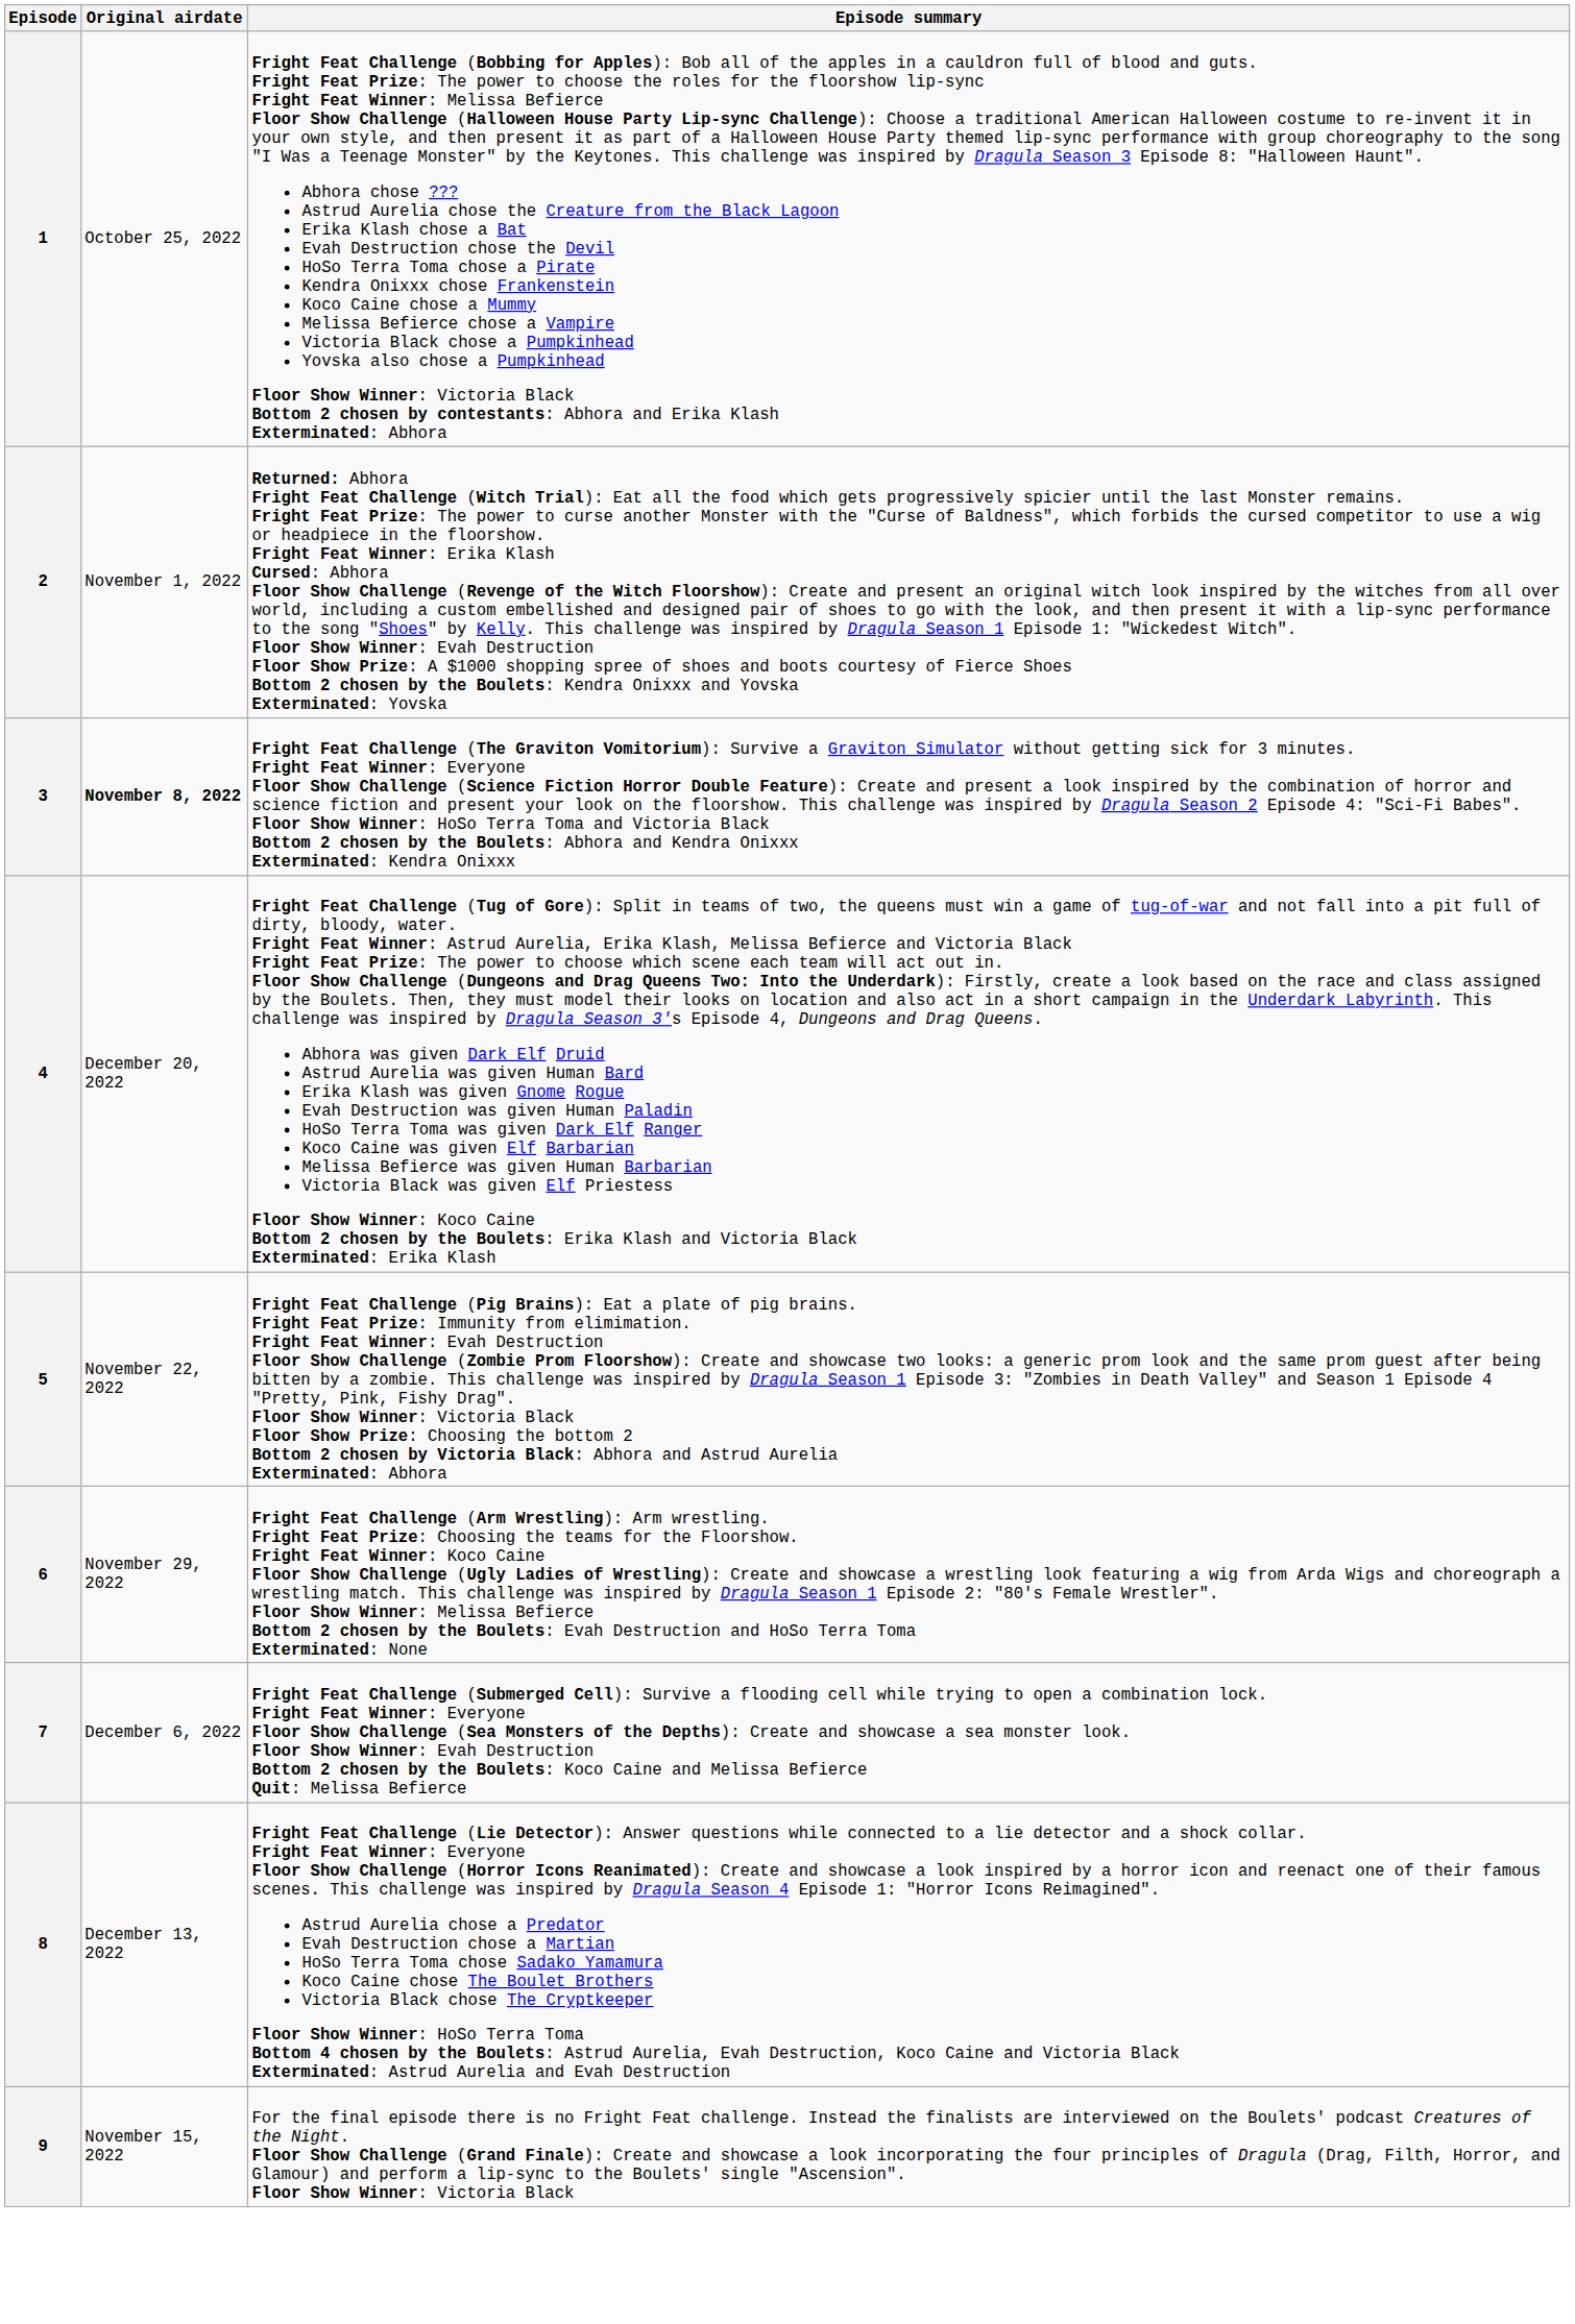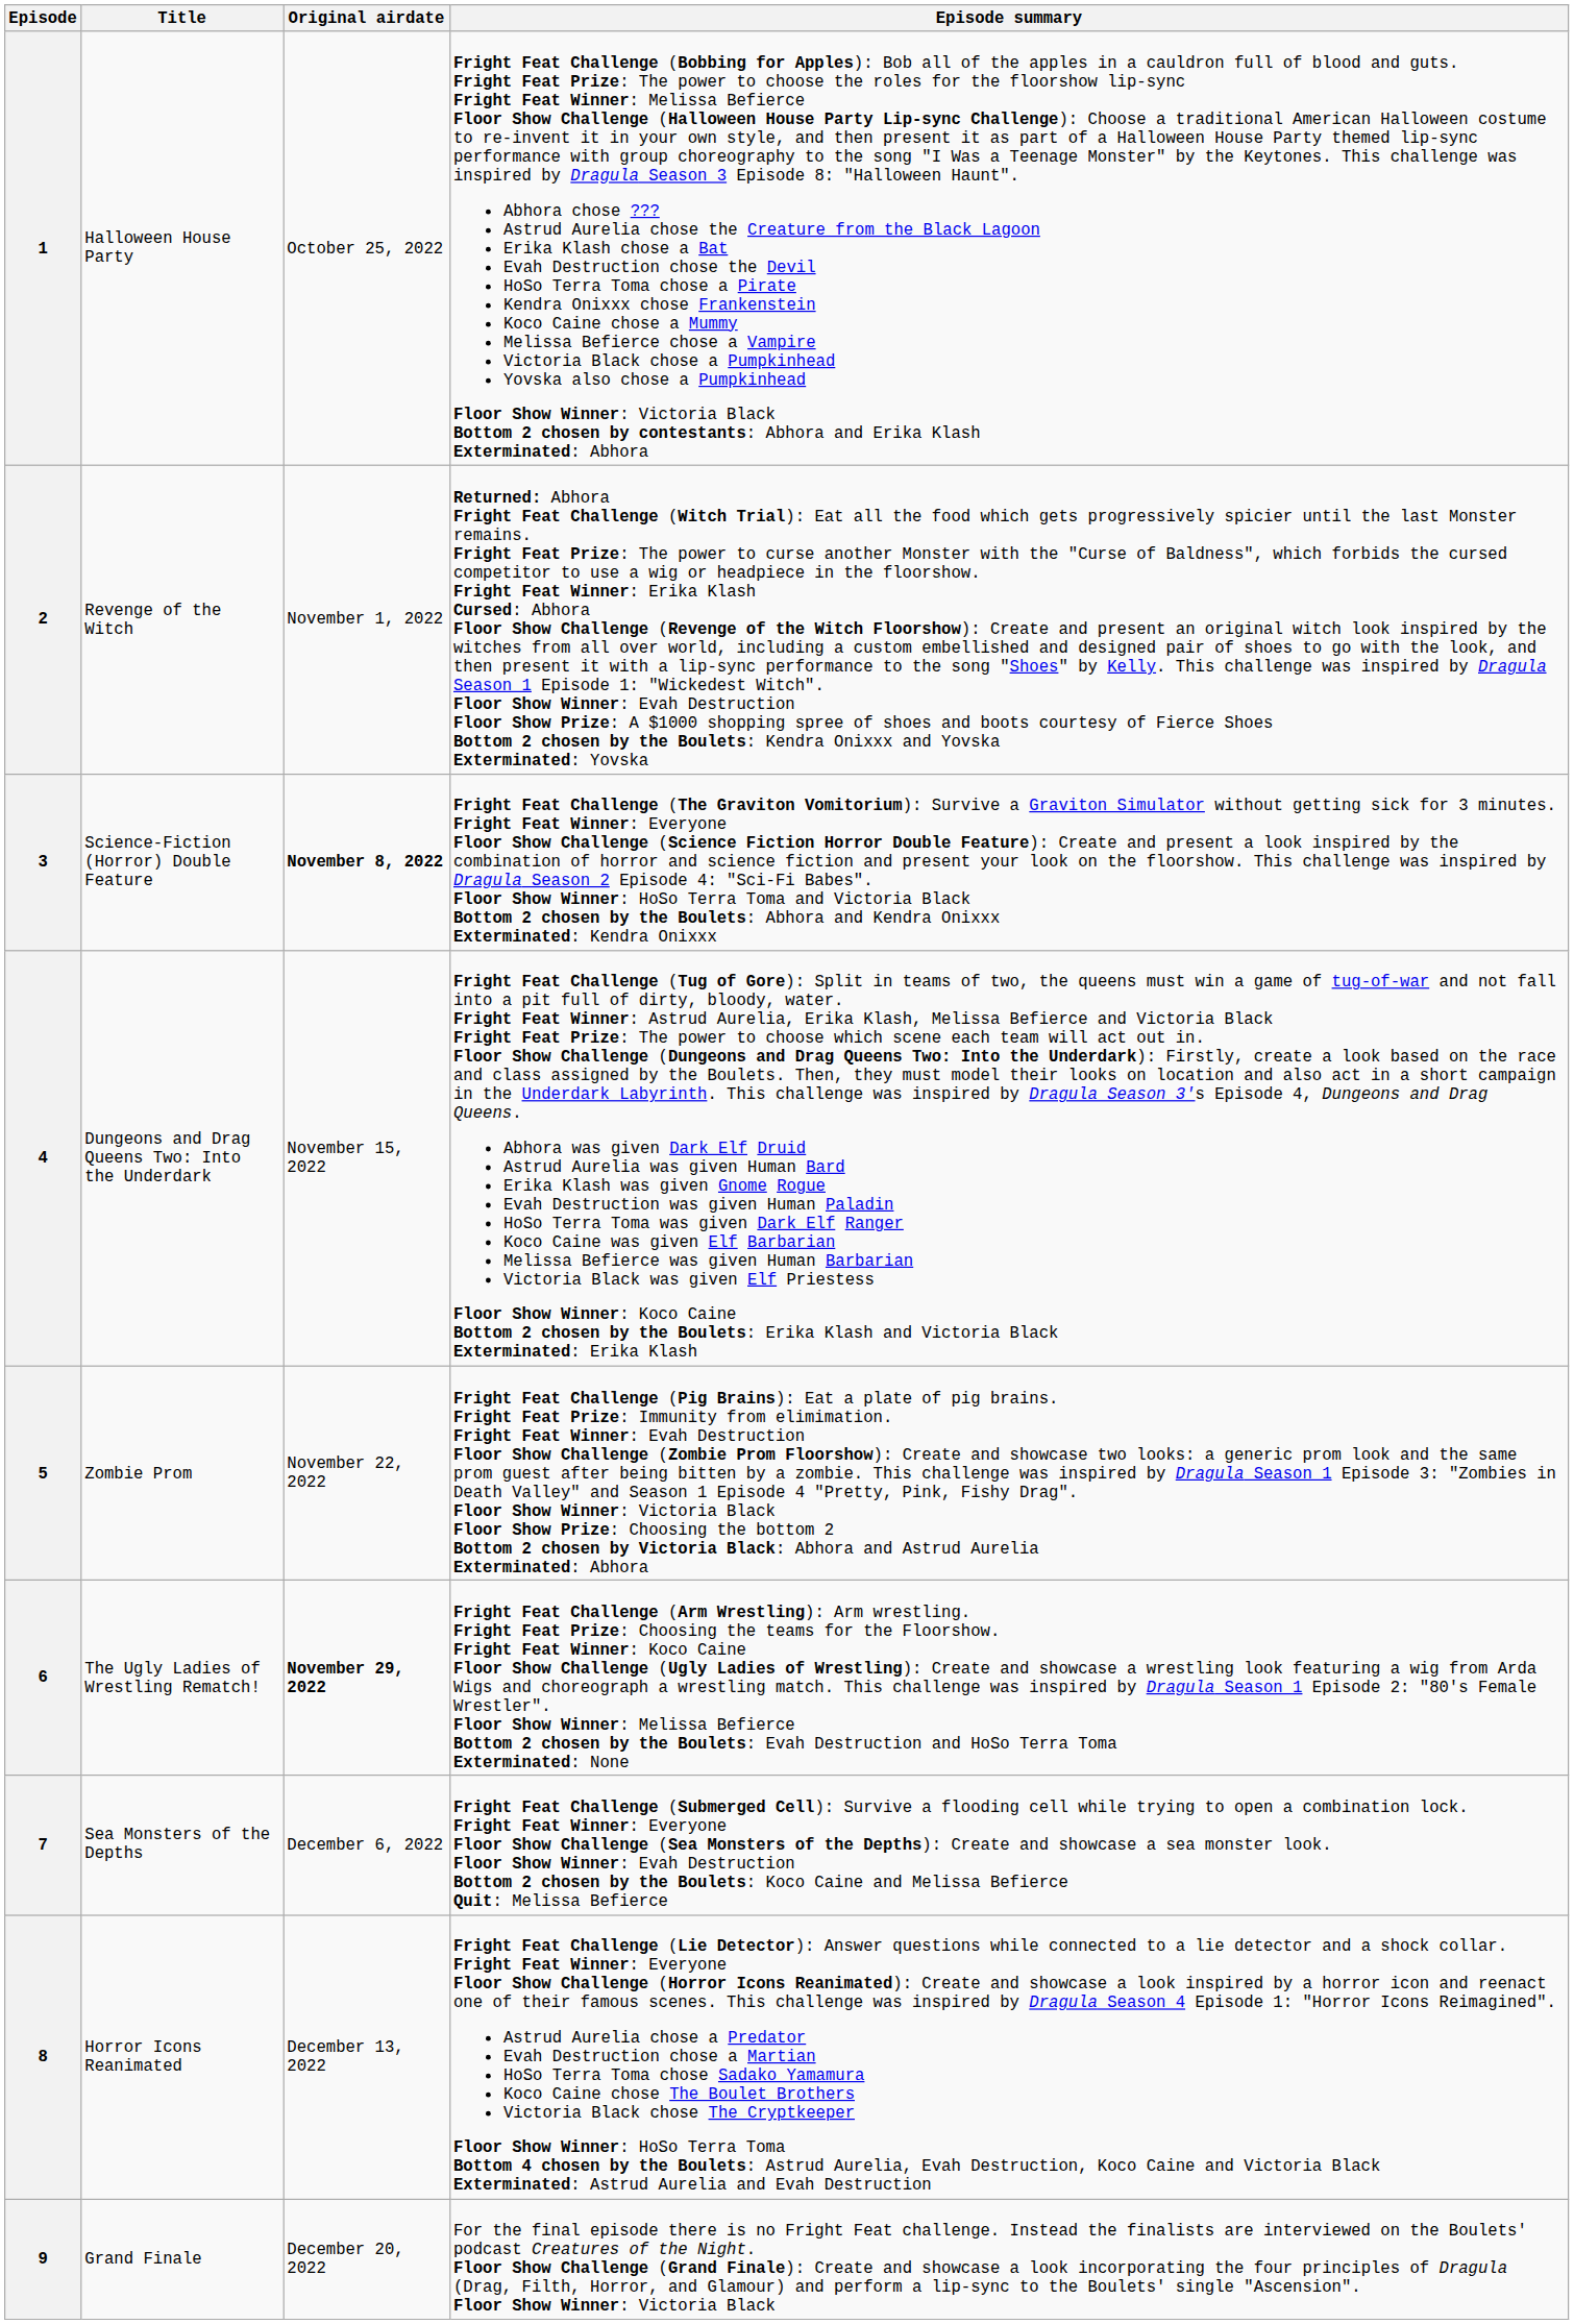 <table class="wikitable">
 <tr>
 <th nowrap>Episode</th>
+<th nowrap>Title</th>
 <th nowrap>Original airdate</th>
 <th nowrap>Episode summary</th>
 </tr>
 <tr>
 <th>1</th>
+<td>Halloween House Party</td>
 <td>October 25, 2022</td>
 <td><br><strong>Fright Feat Challenge</strong> (<strong>Bobbing for Apples</strong>): Bob all of the apples in a cauldron full of blood and guts.<br> <strong>Fright Feat Prize</strong>: The power to choose the roles for the floorshow lip-sync <br> <span><strong>Fright Feat Winner</strong>: Melissa Befierce</span><br><strong>Floor Show Challenge</strong> (<strong>Halloween House Party Lip-sync Challenge</strong>): Choose a traditional American Halloween costume to re-invent it in your own style, and then present it as part of a Halloween House Party themed lip-sync performance with group choreography to the song "I Was a Teenage Monster" by the Keytones. This challenge was inspired by <a href='#'><em>Dragula</em> Season 3</a> Episode 8: "Halloween Haunt".<ul><li>Abhora chose <a href='#'>???</a></li><li>Astrud Aurelia chose the <a href='#'>Creature from the Black Lagoon</a></li><li>Erika Klash chose a <a href='#'>Bat</a></li><li>Evah Destruction chose the <a href='#'>Devil</a></li><li>HoSo Terra Toma chose a <a href='#'>Pirate</a></li><li>Kendra Onixxx chose <a href='#'>Frankenstein</a></li><li>Koco Caine chose a <a href='#'>Mummy</a></li><li>Melissa Befierce chose a <a href='#'>Vampire</a></li><li>Victoria Black chose a <a href='#'>Pumpkinhead</a></li><li>Yovska also chose a <a href='#'>Pumpkinhead</a></li></ul><span><strong>Floor Show Winner</strong>: Victoria Black</span><br><strong>Bottom 2 chosen by contestants</strong>: Abhora and Erika Klash<br> <span><strong>Exterminated</strong>: Abhora</span></td>
 </tr>
 <tr>
 <th>2</th>
+<td>Revenge of the Witch</td>
 <td>November 1, 2022</td>
 <td><br><strong>Returned:</strong> Abhora<br><strong>Fright Feat Challenge</strong> (<strong>Witch Trial</strong>): Eat all the food which gets progressively spicier until the last Monster remains.<br> <strong>Fright Feat Prize</strong>: The power to curse another Monster with the "Curse of Baldness", which forbids the cursed competitor to use a wig or headpiece in the floorshow.<br> <span><strong>Fright Feat Winner</strong>: Erika Klash</span><br> <span><strong>Cursed</strong>: Abhora</span><br><strong>Floor Show Challenge</strong> (<strong>Revenge of the Witch Floorshow</strong>): Create and present an original witch look inspired by the witches from all over world, including a custom embellished and designed pair of shoes to go with the look, and then present it with a lip-sync performance to the song "<a href='#'>Shoes</a>" by <a href='#'>Kelly</a>. This challenge was inspired by <a href='#'><em>Dragula</em> Season 1</a> Episode 1: "Wickedest Witch".<br><span><strong>Floor Show Winner</strong>: Evah Destruction</span><br> <strong>Floor Show Prize</strong>: A $1000 shopping spree of shoes and boots courtesy of Fierce Shoes<br><strong>Bottom 2 chosen by the Boulets</strong>: Kendra Onixxx and Yovska<br> <span><strong>Exterminated</strong>: Yovska</span></td>
 </tr>
 <tr>
 <th>3</th>
+<td>Science-Fiction (Horror) Double Feature</td>
 <td><strong>November 8, 2022</strong></td>
 <td><br><strong>Fright Feat Challenge</strong> (<strong>The Graviton Vomitorium</strong>): Survive a <a href='#'>Graviton Simulator</a> without getting sick for 3 minutes.<br> <span><strong>Fright Feat Winner</strong>: Everyone</span><br><strong>Floor Show Challenge</strong> (<strong>Science Fiction Horror Double Feature</strong>): Create and present a look inspired by the combination of horror and science fiction and present your look on the floorshow. This challenge was inspired by <a href='#'><em>Dragula</em> Season 2</a> Episode 4: "Sci-Fi Babes".<br><span><strong>Floor Show Winner</strong>: HoSo Terra Toma and Victoria Black</span><br><strong>Bottom 2 chosen by the Boulets</strong>: Abhora and Kendra Onixxx<br> <span><strong>Exterminated</strong>: Kendra Onixxx</span></td>
 </tr>
 <tr>
 <th>4</th>
-<td>December 20, 2022</td>
+<td>Dungeons and Drag Queens Two: Into the Underdark</td>
+<td>November 15, 2022</td>
 <td><br><strong>Fright Feat Challenge</strong> (<strong>Tug of Gore</strong>): Split in teams of two, the queens must win a game of <a href='#'>tug-of-war</a> and not fall into a pit full of dirty, bloody, water.<br> <span><strong>Fright Feat Winner</strong>: Astrud Aurelia, Erika Klash, Melissa Befierce and Victoria Black</span><br> <strong>Fright Feat Prize</strong>: The power to choose which scene each team will act out in.<br><strong>Floor Show Challenge</strong> (<strong>Dungeons and Drag Queens Two: Into the Underdark</strong>): Firstly, create a look based on the race and class assigned by the Boulets. Then, they must model their looks on location and also act in a short campaign in the <a href='#'>Underdark Labyrinth</a>. This challenge was inspired by <em><a href='#'>Dragula Season 3'</a></em>s Episode 4, <em>Dungeons and Drag Queens</em>.<ul><li>Abhora was given <a href='#'>Dark Elf</a> <a href='#'>Druid</a></li><li>Astrud Aurelia was given Human <a href='#'>Bard</a></li><li>Erika Klash was given <a href='#'>Gnome</a> <a href='#'>Rogue</a></li><li>Evah Destruction was given Human <a href='#'>Paladin</a></li><li>HoSo Terra Toma was given <a href='#'>Dark Elf</a> <a href='#'>Ranger</a></li><li>Koco Caine was given <a href='#'>Elf</a> <a href='#'>Barbarian</a></li><li>Melissa Befierce was given Human <a href='#'>Barbarian</a></li><li>Victoria Black was given <a href='#'>Elf</a> Priestess</li></ul><span><strong>Floor Show Winner</strong>: Koco Caine</span><br><strong>Bottom 2 chosen by the Boulets</strong>: Erika Klash and Victoria Black<br> <span><strong>Exterminated</strong>: Erika Klash</span></td>
 </tr>
 <tr>
 <th>5</th>
+<td>Zombie Prom</td>
 <td>November 22, 2022</td>
 <td><br><strong>Fright Feat Challenge</strong> (<strong>Pig Brains</strong>): Eat a plate of pig brains.<br> <strong>Fright Feat Prize</strong>: Immunity from elimimation.<br> <span><strong>Fright Feat Winner</strong>: Evah Destruction</span><br><strong>Floor Show Challenge</strong> (<strong>Zombie Prom Floorshow</strong>): Create and showcase two looks: a generic prom look and the same prom guest after being bitten by a zombie. This challenge was inspired by <a href='#'><em>Dragula</em> Season 1</a> Episode 3: "Zombies in Death Valley" and Season 1 Episode 4 "Pretty, Pink, Fishy Drag".<br><span><strong>Floor Show Winner</strong>: Victoria Black</span><br> <strong>Floor Show Prize</strong>: Choosing the bottom 2<br><strong>Bottom 2 chosen by Victoria Black</strong>: Abhora and Astrud Aurelia<br> <span><strong>Exterminated</strong>: Abhora</span></td>
 </tr>
 <tr>
 <th>6</th>
-<td>November 29, 2022</td>
+<td>The Ugly Ladies of Wrestling Rematch!</td>
+<td><strong>November 29, 2022</strong></td>
 <td><br><strong>Fright Feat Challenge</strong> (<strong>Arm Wrestling</strong>): Arm wrestling.<br> <strong>Fright Feat Prize</strong>: Choosing the teams for the Floorshow.<br> <span><strong>Fright Feat Winner</strong>: Koco Caine</span><br><strong>Floor Show Challenge</strong> (<strong>Ugly Ladies of Wrestling</strong>):  Create and showcase a wrestling look featuring a wig from Arda Wigs and choreograph a wrestling match. This challenge was inspired by <a href='#'><em>Dragula</em> Season 1</a> Episode 2: "80's Female Wrestler".<br><span><strong>Floor Show Winner</strong>: Melissa Befierce</span><br><strong>Bottom 2 chosen by the Boulets</strong>: Evah Destruction and HoSo Terra Toma<br> <span><strong>Exterminated</strong>: None</span></td>
 </tr>
 <tr>
 <th>7</th>
+<td>Sea Monsters of the Depths</td>
 <td>December 6, 2022</td>
 <td><br><strong>Fright Feat Challenge</strong> (<strong>Submerged Cell</strong>): Survive a flooding cell while trying to open a combination lock.<br> <span><strong>Fright Feat Winner</strong>: Everyone</span><br><strong>Floor Show Challenge</strong> (<strong>Sea Monsters of the Depths</strong>):  Create and showcase a sea monster look.<br><span><strong>Floor Show Winner</strong>: Evah Destruction</span><br><strong>Bottom 2 chosen by the Boulets</strong>: Koco Caine and Melissa Befierce<br> <span><strong>Quit</strong>: Melissa Befierce</span></td>
 </tr>
 <tr>
 <th>8</th>
+<td>Horror Icons Reanimated</td>
 <td>December 13, 2022</td>
 <td><br><strong>Fright Feat Challenge</strong> (<strong>Lie Detector</strong>): Answer questions while connected to a lie detector and a shock collar.<br> <span><strong>Fright Feat Winner</strong>: Everyone</span><br><strong>Floor Show Challenge</strong> (<strong>Horror Icons Reanimated</strong>):  Create and showcase a look inspired by a horror icon and reenact one of their famous scenes. This challenge was inspired by <a href='#'><em>Dragula</em> Season 4</a> Episode 1: "Horror Icons Reimagined".<ul><li>Astrud Aurelia chose a <a href='#'>Predator</a></li><li>Evah Destruction chose a <a href='#'>Martian</a></li><li>HoSo Terra Toma chose <a href='#'>Sadako Yamamura</a></li><li>Koco Caine chose <a href='#'>The Boulet Brothers</a></li><li>Victoria Black chose <a href='#'>The Cryptkeeper</a></li></ul><span><strong>Floor Show Winner</strong>: HoSo Terra Toma</span><br><strong>Bottom 4 chosen by the Boulets</strong>: Astrud Aurelia, Evah Destruction, Koco Caine and Victoria Black<br> <span><strong>Exterminated</strong>: Astrud Aurelia and Evah Destruction</span></td>
 </tr>
 <tr>
 <th>9</th>
-<td>November 15, 2022</td>
+<td>Grand Finale</td>
+<td>December 20, 2022</td>
 <td><br>For the final episode there is no Fright Feat challenge. Instead the finalists are interviewed on the Boulets' podcast <em>Creatures of the Night</em>.<br><strong>Floor Show Challenge</strong> (<strong>Grand Finale</strong>):  Create and showcase a look incorporating the four principles of <em>Dragula</em> (Drag, Filth, Horror, and Glamour) and perform a lip-sync to the Boulets' single "Ascension".<br><span><strong>Floor Show Winner</strong>: Victoria Black</span></td>
 </tr>
 </table>
